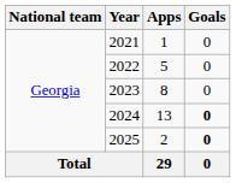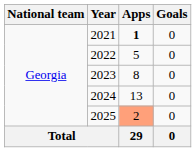 <table class="wikitable" style="text-align: center;">
 <tr>
 <th>National team</th>
 <th>Year</th>
 <th>Apps</th>
 <th>Goals</th>
 </tr>
 <tr>
 <td rowspan="5"><a href='#'>Georgia</a></td>
 <td>2021</td>
-<td>1</td>
+<td><strong>1</strong></td>
 <td>0</td>
 </tr>
 <tr>
 <td>2022</td>
 <td>5</td>
 <td>0</td>
 </tr>
 <tr>
 <td>2023</td>
 <td>8</td>
 <td>0</td>
 </tr>
 <tr>
 <td>2024</td>
 <td>13</td>
-<td><strong>0</strong></td>
+<td>0</td>
 </tr>
 <tr>
 <td>2025</td>
-<td>2</td>
-<td><strong>0</strong></td>
+<td style="background: lightsalmon;">2</td>
+<td>0</td>
 </tr>
 <tr>
 <th colspan="2">Total</th>
 <th>29</th>
 <th>0</th>
 </tr>
 </table>
